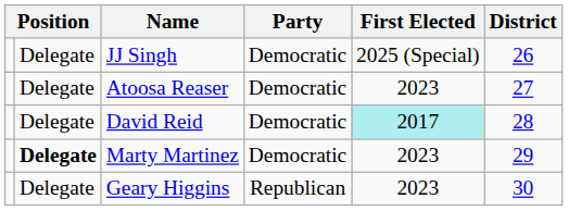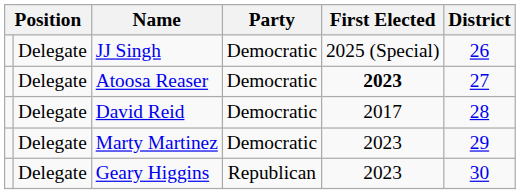 <table class=wikitable>
 <tr>
 <th colspan=2 align=center valign=bottom>Position</th>
 <th style="text-align:center;">Name</th>
 <th valign=bottom>Party</th>
 <th valign=bottom align=center>First Elected</th>
 <th valign=bottom align=center>District</th>
 </tr>
 <tr>
 <td style="background-color:"></td>
 <td>Delegate</td>
 <td><a href='#'>JJ Singh</a></td>
 <td style="text-align:center;">Democratic</td>
 <td style="text-align:center;">2025 (Special)</td>
 <td style="text-align:center;"><a href='#'>26</a></td>
 </tr>
 <tr>
 <td style="background-color:"></td>
 <td>Delegate</td>
 <td><a href='#'>Atoosa Reaser</a></td>
 <td style="text-align:center;">Democratic</td>
-<td style="text-align:center;">2023</td>
+<td style="text-align:center;"><strong>2023</strong></td>
 <td style="text-align:center;"><a href='#'>27</a></td>
 </tr>
 <tr>
 <td style="background-color:"></td>
 <td>Delegate</td>
 <td><a href='#'>David Reid</a></td>
 <td style="text-align:center;">Democratic</td>
-<td style="background: paleturquoise; text-align:center;">2017</td>
+<td style="text-align:center;">2017</td>
 <td style="text-align:center;"><a href='#'>28</a></td>
 </tr>
 <tr>
 <td style="background-color:"></td>
-<td><strong>Delegate</strong></td>
+<td>Delegate</td>
 <td><a href='#'>Marty Martinez</a></td>
 <td style="text-align:center;">Democratic</td>
 <td style="text-align:center;">2023</td>
 <td style="text-align:center;"><a href='#'>29</a></td>
 </tr>
 <tr>
 <td style="background-color:"></td>
 <td>Delegate</td>
 <td><a href='#'>Geary Higgins</a></td>
 <td style="text-align:center;">Republican</td>
 <td style="text-align:center;">2023</td>
 <td style="text-align:center;"><a href='#'>30</a></td>
 </tr>
 </table>
